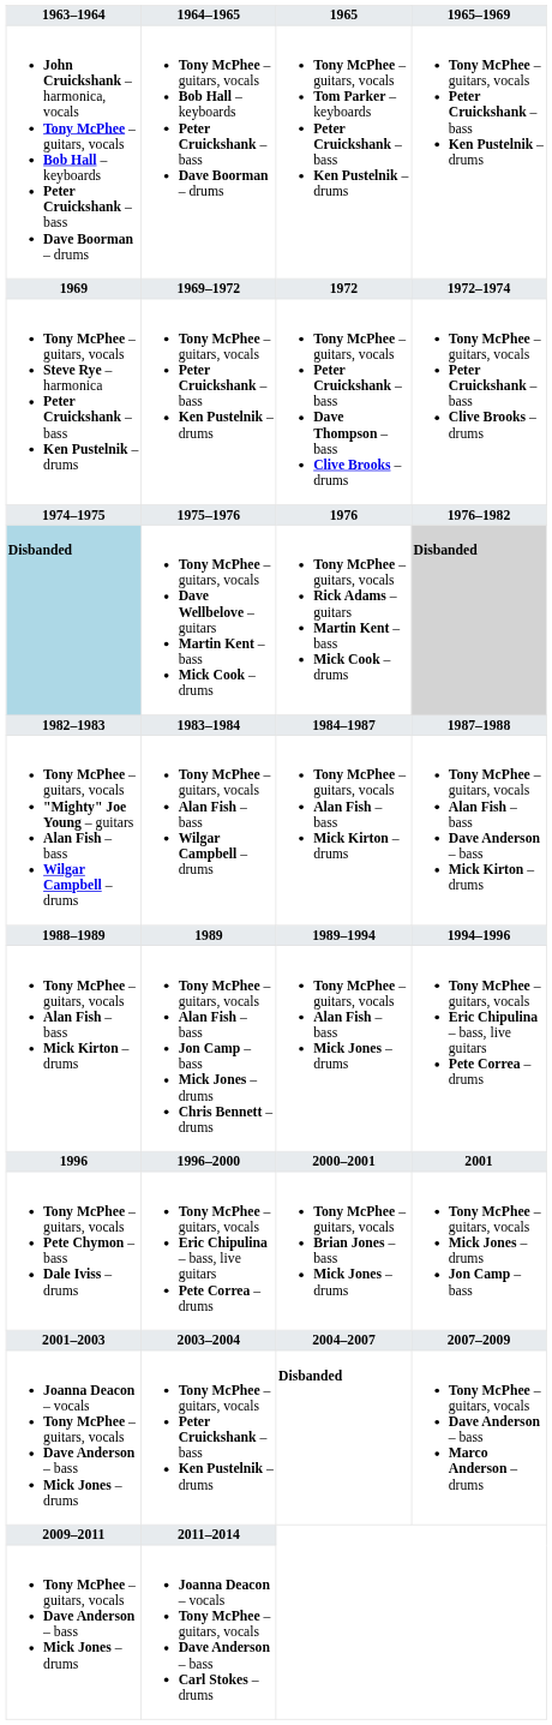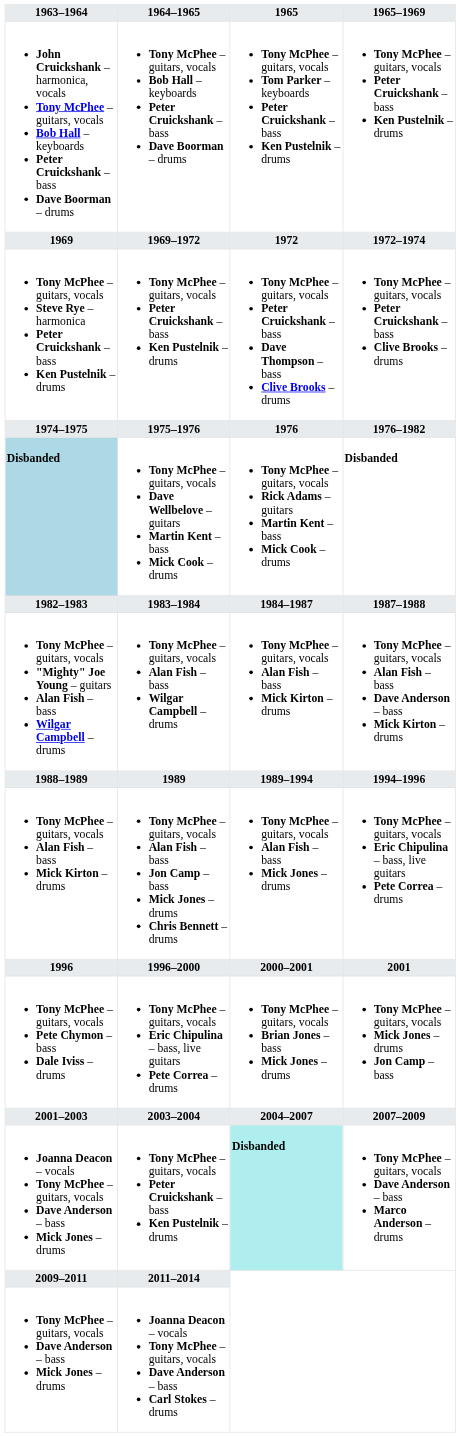 <table class="toccolours" border=1 cellpadding=2 cellspacing=0 style="float: width: 375px; margin: 0 0 1em 1em; border-collapse: collapse; border: 1px solid #E2E2E2;" width=99%>
 <tr>
 <th bgcolor="#E7EBEE" valign=top width=25%>1963–1964</th>
 <th bgcolor="#E7EBEE" valign=top width=25%>1964–1965</th>
 <th bgcolor="#E7EBEE" valign=top width=25%>1965</th>
 <th bgcolor="#E7EBEE" valign=top width=25%>1965–1969</th>
 </tr>
 <tr>
 <td valign=top><br><ul><li><strong>John Cruickshank</strong> – harmonica, vocals</li><li><strong><a href='#'>Tony McPhee</a></strong> – guitars, vocals</li><li><strong><a href='#'>Bob Hall</a></strong> – keyboards</li><li><strong>Peter Cruickshank</strong> – bass</li><li><strong>Dave Boorman</strong> – drums</li></ul></td>
 <td valign=top><br><ul><li><strong>Tony McPhee</strong> – guitars, vocals</li><li><strong>Bob Hall</strong> – keyboards</li><li><strong>Peter Cruickshank</strong> – bass</li><li><strong>Dave Boorman</strong> – drums</li></ul></td>
 <td valign=top><br><ul><li><strong>Tony McPhee</strong> – guitars, vocals</li><li><strong>Tom Parker</strong> – keyboards</li><li><strong>Peter Cruickshank</strong> – bass</li><li><strong>Ken Pustelnik</strong> – drums</li></ul></td>
 <td valign=top><br><ul><li><strong>Tony McPhee</strong> – guitars, vocals</li><li><strong>Peter Cruickshank</strong> – bass</li><li><strong>Ken Pustelnik</strong> – drums</li></ul></td>
 </tr>
 <tr>
 <th bgcolor="#E7EBEE" valign=top width=25%>1969</th>
 <th bgcolor="#E7EBEE" valign=top width=25%>1969–1972</th>
 <th bgcolor="#E7EBEE" valign=top width=25%>1972</th>
 <th bgcolor="#E7EBEE" valign=top width=25%>1972–1974</th>
 </tr>
 <tr>
 <td valign=top><br><ul><li><strong>Tony McPhee</strong> – guitars, vocals</li><li><strong>Steve Rye</strong> – harmonica</li><li><strong>Peter Cruickshank</strong> – bass</li><li><strong>Ken Pustelnik</strong> – drums</li></ul></td>
 <td valign=top><br><ul><li><strong>Tony McPhee</strong> – guitars, vocals</li><li><strong>Peter Cruickshank</strong> – bass</li><li><strong>Ken Pustelnik</strong> – drums</li></ul></td>
 <td valign=top><br><ul><li><strong>Tony McPhee</strong> – guitars, vocals</li><li><strong>Peter Cruickshank</strong> – bass</li><li><strong>Dave Thompson</strong> – bass</li><li><strong><a href='#'>Clive Brooks</a></strong> – drums</li></ul></td>
 <td valign=top><br><ul><li><strong>Tony McPhee</strong> – guitars, vocals</li><li><strong>Peter Cruickshank</strong> – bass</li><li><strong>Clive Brooks</strong> – drums</li></ul></td>
 </tr>
 <tr>
 <th bgcolor="#E7EBEE" valign=top width=25%>1974–1975</th>
 <th bgcolor="#E7EBEE" valign=top width=25%>1975–1976</th>
 <th bgcolor="#E7EBEE" valign=top width=25%>1976</th>
 <th bgcolor="#E7EBEE" valign=top width=25%>1976–1982</th>
 </tr>
 <tr>
 <td valign=top style="background: lightblue;"><br><strong>Disbanded</strong></td>
 <td valign=top><br><ul><li><strong>Tony McPhee</strong> – guitars, vocals</li><li><strong>Dave Wellbelove</strong> – guitars</li><li><strong>Martin Kent</strong> – bass</li><li><strong>Mick Cook</strong> – drums</li></ul></td>
 <td valign=top><br><ul><li><strong>Tony McPhee</strong> – guitars, vocals</li><li><strong>Rick Adams</strong> – guitars</li><li><strong>Martin Kent</strong> – bass</li><li><strong>Mick Cook</strong> – drums</li></ul></td>
-<td valign=top style="background: lightgrey;"><br><strong>Disbanded</strong></td>
+<td valign=top><br><strong>Disbanded</strong></td>
 </tr>
 <tr>
 <th bgcolor="#E7EBEE" valign=top width=25%>1982–1983</th>
 <th bgcolor="#E7EBEE" valign=top width=25%>1983–1984</th>
 <th bgcolor="#E7EBEE" valign=top width=25%>1984–1987</th>
 <th bgcolor="#E7EBEE" valign=top width=25%>1987–1988</th>
 </tr>
 <tr>
 <td valign=top><br><ul><li><strong>Tony McPhee</strong> – guitars, vocals</li><li><strong>"Mighty" Joe Young</strong> – guitars</li><li><strong>Alan Fish</strong> – bass</li><li><strong><a href='#'>Wilgar Campbell</a></strong> – drums</li></ul></td>
 <td valign=top><br><ul><li><strong>Tony McPhee</strong> – guitars, vocals</li><li><strong>Alan Fish</strong> – bass</li><li><strong>Wilgar Campbell</strong> – drums</li></ul></td>
 <td valign=top><br><ul><li><strong>Tony McPhee</strong> – guitars, vocals</li><li><strong>Alan Fish</strong> – bass</li><li><strong>Mick Kirton</strong> – drums</li></ul></td>
 <td valign=top><br><ul><li><strong>Tony McPhee</strong> – guitars, vocals</li><li><strong>Alan Fish</strong> – bass</li><li><strong>Dave Anderson</strong> – bass</li><li><strong>Mick Kirton</strong> – drums</li></ul></td>
 </tr>
 <tr>
 <th bgcolor="#E7EBEE" valign=top width=25%>1988–1989</th>
 <th bgcolor="#E7EBEE" valign=top width=25%>1989</th>
 <th bgcolor="#E7EBEE" valign=top width=25%>1989–1994</th>
 <th bgcolor="#E7EBEE" valign=top width=25%>1994–1996</th>
 </tr>
 <tr>
 <td valign=top><br><ul><li><strong>Tony McPhee</strong> – guitars, vocals</li><li><strong>Alan Fish</strong> – bass</li><li><strong>Mick Kirton</strong> – drums</li></ul></td>
 <td valign=top><br><ul><li><strong>Tony McPhee</strong> – guitars, vocals</li><li><strong>Alan Fish</strong> – bass</li><li><strong>Jon Camp</strong> – bass</li><li><strong>Mick Jones</strong> – drums</li><li><strong>Chris Bennett</strong> – drums</li></ul></td>
 <td valign=top><br><ul><li><strong>Tony McPhee</strong> – guitars, vocals</li><li><strong>Alan Fish</strong> – bass</li><li><strong>Mick Jones</strong> – drums</li></ul></td>
 <td valign=top><br><ul><li><strong>Tony McPhee</strong> – guitars, vocals</li><li><strong>Eric Chipulina</strong> – bass, live guitars</li><li><strong>Pete Correa</strong> – drums</li></ul></td>
 </tr>
 <tr>
 <th bgcolor="#E7EBEE" valign=top width=25%>1996</th>
 <th bgcolor="#E7EBEE" valign=top width=25%>1996–2000</th>
 <th bgcolor="#E7EBEE" valign=top width=25%>2000–2001</th>
 <th bgcolor="#E7EBEE" valign=top width=25%>2001</th>
 </tr>
 <tr>
 <td valign=top><br><ul><li><strong>Tony McPhee</strong> – guitars, vocals</li><li><strong>Pete Chymon</strong> – bass</li><li><strong>Dale Iviss</strong> – drums</li></ul></td>
 <td valign=top><br><ul><li><strong>Tony McPhee</strong> – guitars, vocals</li><li><strong>Eric Chipulina</strong> – bass, live guitars</li><li><strong>Pete Correa</strong> – drums</li></ul></td>
 <td valign=top><br><ul><li><strong>Tony McPhee</strong> – guitars, vocals</li><li><strong>Brian Jones</strong> – bass</li><li><strong>Mick Jones</strong> – drums</li></ul></td>
 <td valign=top><br><ul><li><strong>Tony McPhee</strong> – guitars, vocals</li><li><strong>Mick Jones</strong> – drums</li><li><strong>Jon Camp</strong> – bass</li></ul></td>
 </tr>
 <tr>
 <th bgcolor="#E7EBEE" valign=top width=25%>2001–2003</th>
 <th bgcolor="#E7EBEE" valign=top width=25%>2003–2004</th>
 <th bgcolor="#E7EBEE" valign=top width=25%>2004–2007</th>
 <th bgcolor="#E7EBEE" valign=top width=25%>2007–2009</th>
 </tr>
 <tr>
 <td valign=top><br><ul><li><strong>Joanna Deacon</strong> – vocals</li><li><strong>Tony McPhee</strong> – guitars, vocals</li><li><strong>Dave Anderson</strong> – bass</li><li><strong>Mick Jones</strong> – drums</li></ul></td>
 <td valign=top><br><ul><li><strong>Tony McPhee</strong> – guitars, vocals</li><li><strong>Peter Cruickshank</strong> – bass</li><li><strong>Ken Pustelnik</strong> – drums</li></ul></td>
-<td valign=top><br><strong>Disbanded</strong></td>
+<td valign=top style="background: paleturquoise;"><br><strong>Disbanded</strong></td>
 <td valign=top><br><ul><li><strong>Tony McPhee</strong> – guitars, vocals</li><li><strong>Dave Anderson</strong> – bass</li><li><strong>Marco Anderson</strong> – drums</li></ul></td>
 </tr>
 <tr>
 <th bgcolor="#E7EBEE" valign=top width=25%>2009–2011</th>
 <th bgcolor="#E7EBEE" valign=top width=25%>2011–2014</th>
 </tr>
 <tr>
 <td valign=top><br><ul><li><strong>Tony McPhee</strong> – guitars, vocals</li><li><strong>Dave Anderson</strong> – bass</li><li><strong>Mick Jones</strong> – drums</li></ul></td>
 <td valign=top><br><ul><li><strong>Joanna Deacon</strong> – vocals</li><li><strong>Tony McPhee</strong> – guitars, vocals</li><li><strong>Dave Anderson</strong> – bass</li><li><strong>Carl Stokes</strong> – drums</li></ul></td>
 </tr>
 </table>
